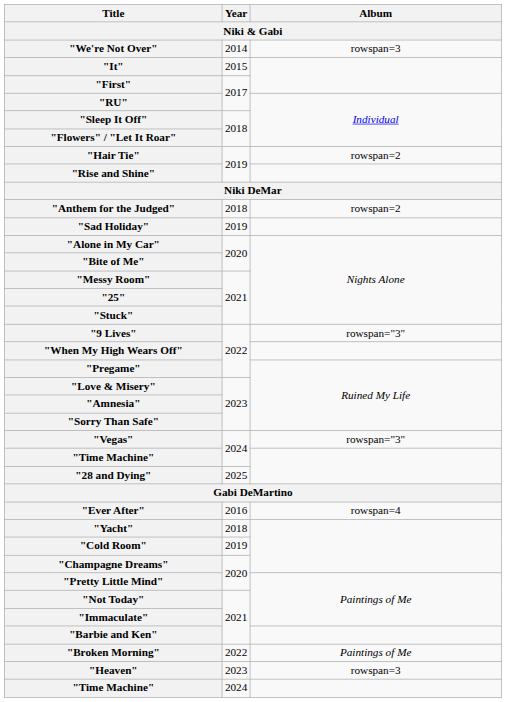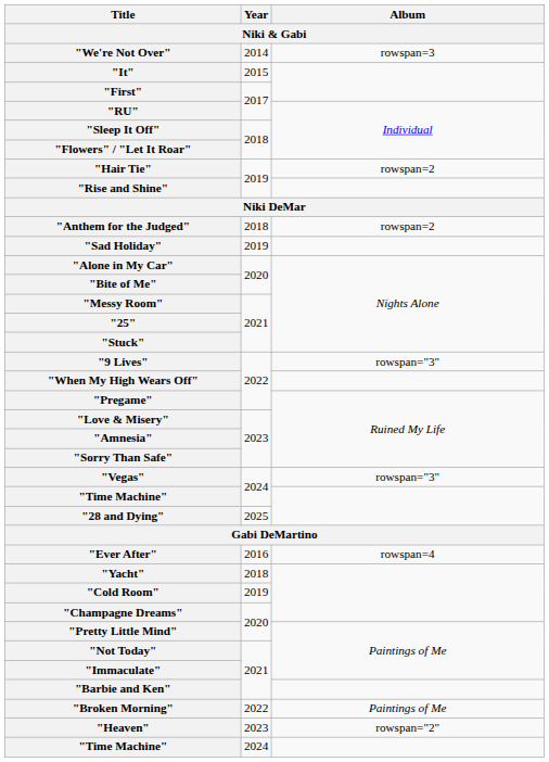 <table class="wikitable plainrowheaders" style="text-align:center">
 <tr>
 <th scope="col" style="width:19em;">Title</th>
 <th scope="col" style="width:1em;">Year</th>
 <th scope="col" style="width:22em;">Album</th>
 </tr>
 <tr>
 <th colspan="3">Niki & Gabi</th>
 </tr>
 <tr>
 <th scope="row">"We're Not Over"</th>
 <td>2014</td>
 <td>rowspan=3 </td>
 </tr>
 <tr>
 <th scope="row">"It"</th>
 <td>2015</td>
 </tr>
 <tr>
 <th scope="row">"First"</th>
 <td rowspan="2">2017</td>
 </tr>
 <tr>
 <th scope="row">"RU"</th>
 <td rowspan="3"><em><a href='#'>Individual</a></em></td>
 </tr>
 <tr>
 <th scope="row">"Sleep It Off"</th>
 <td rowspan="2">2018</td>
 </tr>
 <tr>
 <th scope="row">"Flowers" / "Let It Roar"</th>
 </tr>
 <tr>
 <th scope="row">"Hair Tie"</th>
 <td rowspan=2>2019</td>
 <td>rowspan=2 </td>
 </tr>
 <tr>
 <th scope="row">"Rise and Shine"</th>
 </tr>
 <tr>
 <th colspan="3">Niki DeMar</th>
 </tr>
 <tr>
 <th scope="row">"Anthem for the Judged"</th>
 <td>2018</td>
 <td>rowspan=2 </td>
 </tr>
 <tr>
 <th scope="row">"Sad Holiday"</th>
 <td>2019</td>
 </tr>
 <tr>
 <th scope="row">"Alone in My Car"</th>
 <td rowspan=2>2020</td>
 <td rowspan=5><em>Nights Alone</em></td>
 </tr>
 <tr>
 <th scope="row">"Bite of Me"</th>
 </tr>
 <tr>
 <th scope="row">"Messy Room"</th>
 <td rowspan=3>2021</td>
 </tr>
 <tr>
 <th scope="row">"25"</th>
 </tr>
 <tr>
 <th scope="row">"Stuck"</th>
 </tr>
 <tr>
 <th scope="row">"9 Lives"</th>
 <td rowspan=3>2022</td>
 <td>rowspan="3" </td>
 </tr>
 <tr>
 <th scope="row">"When My High Wears Off"</th>
 </tr>
 <tr>
 <th scope="row">"Pregame" </th>
 <td rowspan=4><em>Ruined My Life</em></td>
 </tr>
 <tr>
 <th scope="row">"Love & Misery"</th>
 <td rowspan=3>2023</td>
 </tr>
 <tr>
 <th scope="row">"Amnesia"</th>
 </tr>
 <tr>
 <th scope="row">"Sorry Than Safe"</th>
 </tr>
 <tr>
 <th scope="row">"Vegas"</th>
 <td rowspan=2>2024</td>
 <td>rowspan="3" </td>
 </tr>
 <tr>
 <th scope="row">"Time Machine" </th>
 </tr>
 <tr>
 <th scope="row">"28 and Dying"</th>
 <td>2025</td>
 </tr>
 <tr>
 <th colspan="3">Gabi DeMartino</th>
 </tr>
 <tr>
 <th scope="row">"Ever After"</th>
 <td>2016</td>
 <td>rowspan=4 </td>
 </tr>
 <tr>
 <th scope="row">"Yacht"</th>
 <td>2018</td>
 </tr>
 <tr>
 <th scope="row">"Cold Room"</th>
 <td>2019</td>
 </tr>
 <tr>
 <th scope="row">"Champagne Dreams"</th>
 <td rowspan="2">2020</td>
 </tr>
 <tr>
 <th scope="row">"Pretty Little Mind"</th>
 <td rowspan=3><em>Paintings of Me</em></td>
 </tr>
 <tr>
 <th scope="row">"Not Today"</th>
 <td rowspan=3>2021</td>
 </tr>
 <tr>
 <th scope="row">"Immaculate"</th>
 </tr>
 <tr>
 <th scope="row">"Barbie and Ken" </th>
 <td></td>
 </tr>
 <tr>
 <th scope="row">"Broken Morning"</th>
 <td>2022</td>
 <td><em>Paintings of Me</em></td>
 </tr>
 <tr>
 <th scope="row">"Heaven"</th>
 <td>2023</td>
-<td>rowspan=3 </td>
+<td>rowspan="2" </td>
 </tr>
 <tr>
 <th scope="row">"Time Machine" </th>
 <td>2024</td>
 </tr>
 </table>
